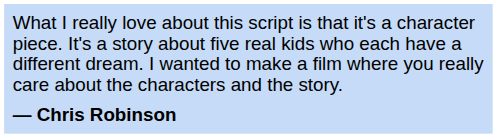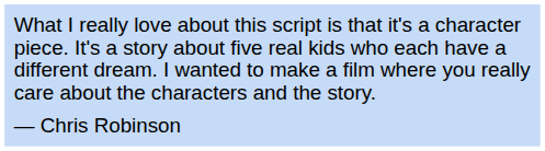 <table class="toccolours" style="float: right; margin-left: 1em; margin-right: 2em; font-size: 85%; background:#c6dbf7; color:black; width:28em; max-width: 40%;" cellspacing="5">
 <tr>
 <td style="text-align: left;">What I really love about this script is that it's a character piece. It's a story about five real kids who each have a different dream. I wanted to make a film where you really care about the characters and the story.</td>
 </tr>
 <tr>
-<td style="text-align: left;"><strong>— Chris Robinson</strong></td>
+<td style="text-align: left;">— Chris Robinson</td>
 </tr>
 </table>
